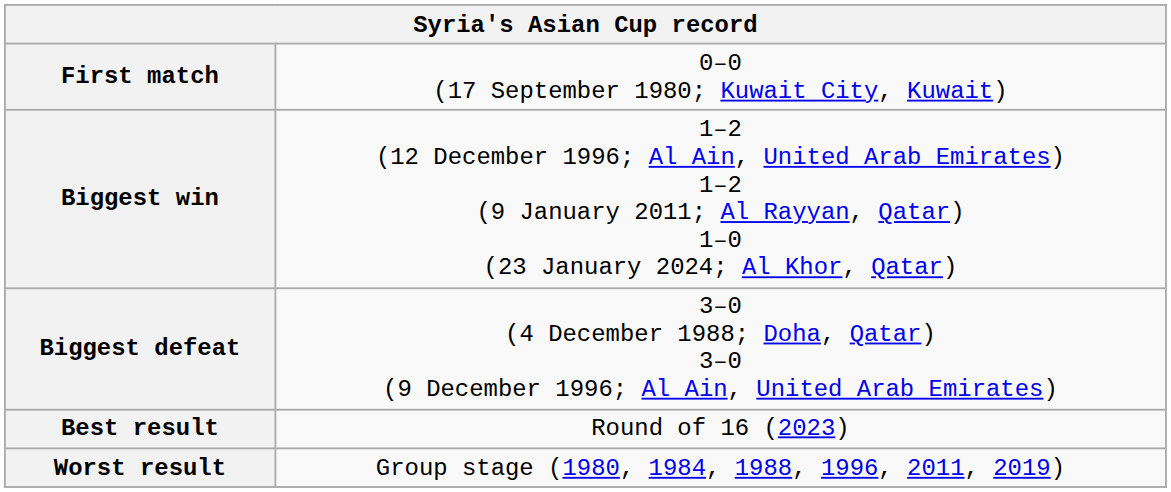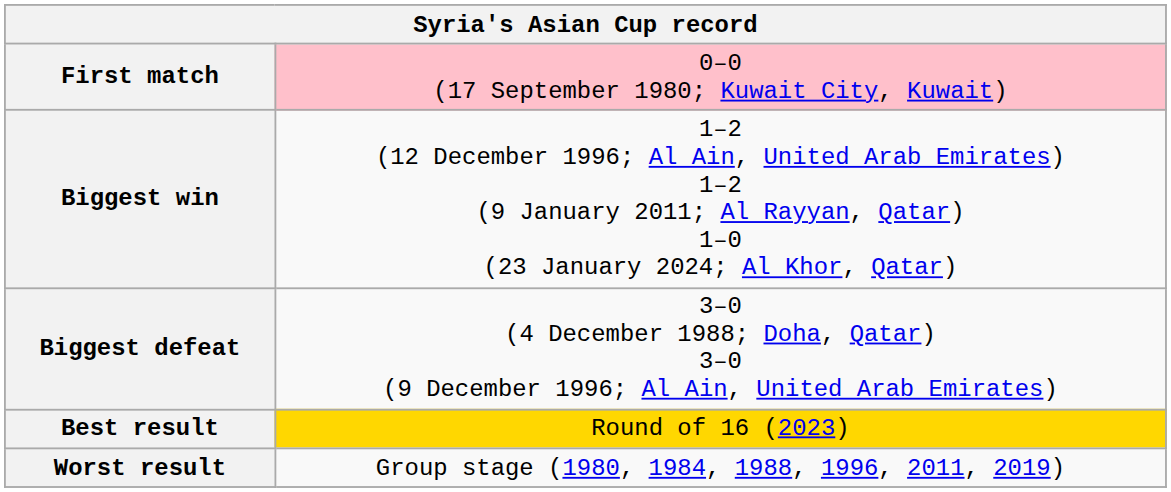 <table class="wikitable" style="width:50%; text-align:center;">
 <tr>
 <th colspan="6"><strong>Syria's Asian Cup record</strong></th>
 </tr>
 <tr>
 <th>First match</th>
-<td> 0–0 <br>(17 September 1980; <a href='#'>Kuwait City</a>, <a href='#'>Kuwait</a>)</td>
+<td style="background: pink;"> 0–0 <br>(17 September 1980; <a href='#'>Kuwait City</a>, <a href='#'>Kuwait</a>)</td>
 </tr>
 <tr>
 <th>Biggest win</th>
 <td> 1–2 <br>(12 December 1996; <a href='#'>Al Ain</a>, <a href='#'>United Arab Emirates</a>)<br> 1–2 <br> (9 January 2011; <a href='#'>Al Rayyan</a>, <a href='#'>Qatar</a>)<br> 1–0 <br>(23 January 2024; <a href='#'>Al Khor</a>, <a href='#'>Qatar</a>)</td>
 </tr>
 <tr>
 <th>Biggest defeat</th>
 <td> 3–0 <br> (4 December 1988; <a href='#'>Doha</a>, <a href='#'>Qatar</a>)<br> 3–0 <br>(9 December 1996; <a href='#'>Al Ain</a>, <a href='#'>United Arab Emirates</a>)</td>
 </tr>
 <tr>
 <th>Best result</th>
-<td>Round of 16 (<a href='#'>2023</a>)</td>
+<td style="background: gold;">Round of 16 (<a href='#'>2023</a>)</td>
 </tr>
 <tr>
 <th>Worst result</th>
 <td>Group stage (<a href='#'>1980</a>, <a href='#'>1984</a>, <a href='#'>1988</a>, <a href='#'>1996</a>, <a href='#'>2011</a>, <a href='#'>2019</a>)</td>
 </tr>
 </table>
